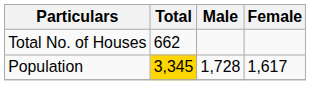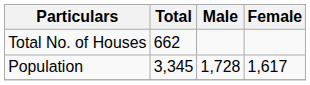 <table class="wikitable sortable">
 <tr>
 <th>Particulars</th>
 <th>Total</th>
 <th>Male</th>
 <th>Female</th>
 </tr>
 <tr>
 <td>Total No. of Houses</td>
 <td>662</td>
 <td></td>
 <td></td>
 </tr>
 <tr>
 <td>Population</td>
-<td style="background: gold;">3,345</td>
+<td>3,345</td>
 <td>1,728</td>
 <td>1,617</td>
 </tr>
 <tr>
 </tr>
 </table>
